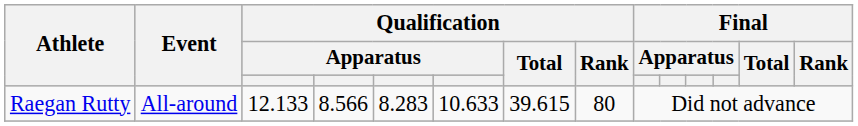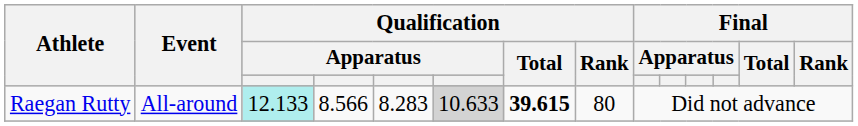 <table class="wikitable" style="font-size:90%">
 <tr>
 <th rowspan=3>Athlete</th>
 <th rowspan=3>Event</th>
 <th colspan=6>Qualification</th>
 <th colspan=6>Final</th>
 </tr>
 <tr style="font-size:95%">
 <th colspan=4>Apparatus</th>
 <th rowspan=2>Total</th>
 <th rowspan=2>Rank</th>
 <th colspan=4>Apparatus</th>
 <th rowspan=2>Total</th>
 <th rowspan=2>Rank</th>
 </tr>
 <tr style="font-size:95%">
 <th></th>
 <th></th>
 <th></th>
 <th></th>
 <th></th>
 <th></th>
 <th></th>
 <th></th>
 </tr>
 <tr align=center>
 <td align=left><a href='#'>Raegan Rutty</a></td>
 <td align=left><a href='#'>All-around</a></td>
-<td>12.133</td>
+<td style="background: paleturquoise;">12.133</td>
 <td>8.566</td>
 <td>8.283</td>
-<td>10.633</td>
-<td>39.615</td>
+<td style="background: lightgrey;">10.633</td>
+<td><strong>39.615</strong></td>
 <td>80</td>
 <td colspan=6>Did not advance</td>
 </tr>
 </table>
